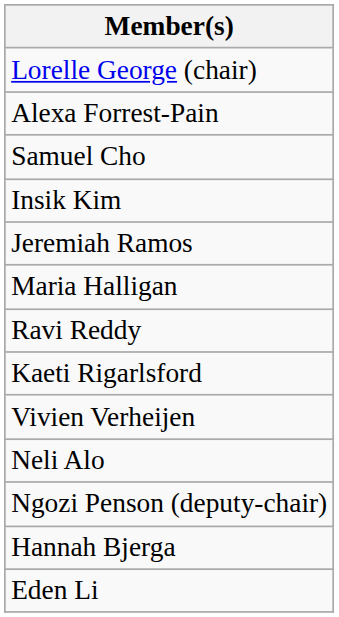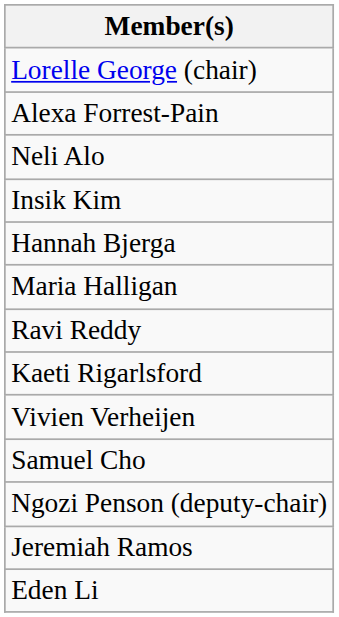 <table class="wikitable">
 <tr>
 <th>Member(s)</th>
 </tr>
 <tr>
 <td><a href='#'>Lorelle George</a> (chair)</td>
 </tr>
 <tr>
 <td>Alexa Forrest-Pain</td>
 </tr>
 <tr>
-<td>Samuel Cho</td>
+<td>Neli Alo</td>
 </tr>
 <tr>
 <td>Insik Kim</td>
 </tr>
 <tr>
-<td>Jeremiah Ramos</td>
+<td>Hannah Bjerga</td>
 </tr>
 <tr>
 <td>Maria Halligan</td>
 </tr>
 <tr>
 <td>Ravi Reddy</td>
 </tr>
 <tr>
 <td>Kaeti Rigarlsford</td>
 </tr>
 <tr>
 <td>Vivien Verheijen</td>
 </tr>
 <tr>
-<td>Neli Alo</td>
+<td>Samuel Cho</td>
 </tr>
 <tr>
 <td>Ngozi Penson (deputy-chair)</td>
 </tr>
 <tr>
-<td>Hannah Bjerga</td>
+<td>Jeremiah Ramos</td>
 </tr>
 <tr>
 <td>Eden Li</td>
 </tr>
 </table>
